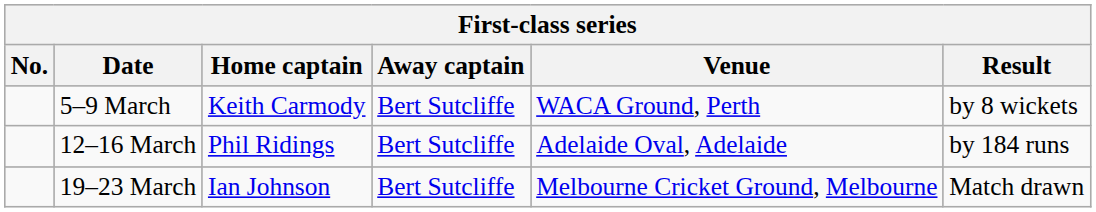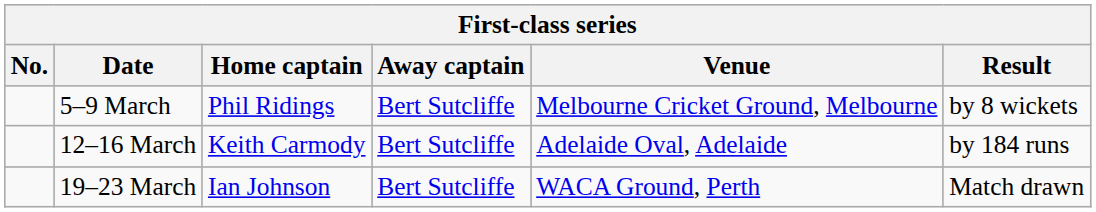 <table class="wikitable">
 <tr>
 <th colspan="9">First-class series</th>
 </tr>
 <tr>
 <th>No.</th>
 <th>Date</th>
 <th>Home captain</th>
 <th>Away captain</th>
 <th>Venue</th>
 <th>Result</th>
 </tr>
 <tr>
 <td></td>
 <td>5–9 March</td>
-<td> <a href='#'>Keith Carmody</a></td>
+<td> <a href='#'>Phil Ridings</a></td>
 <td><a href='#'>Bert Sutcliffe</a></td>
-<td><a href='#'>WACA Ground</a>, <a href='#'>Perth</a></td>
+<td><a href='#'>Melbourne Cricket Ground</a>, <a href='#'>Melbourne</a></td>
 <td> by 8 wickets</td>
 </tr>
 <tr>
 <td></td>
 <td>12–16 March</td>
-<td> <a href='#'>Phil Ridings</a></td>
+<td> <a href='#'>Keith Carmody</a></td>
 <td><a href='#'>Bert Sutcliffe</a></td>
 <td><a href='#'>Adelaide Oval</a>, <a href='#'>Adelaide</a></td>
 <td> by 184 runs</td>
 </tr>
 <tr>
 <td></td>
 <td>19–23 March</td>
 <td> <a href='#'>Ian Johnson</a></td>
 <td><a href='#'>Bert Sutcliffe</a></td>
-<td><a href='#'>Melbourne Cricket Ground</a>, <a href='#'>Melbourne</a></td>
+<td><a href='#'>WACA Ground</a>, <a href='#'>Perth</a></td>
 <td>Match drawn</td>
 </tr>
 </table>
